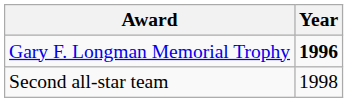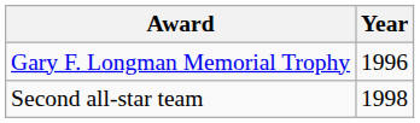 <table class="wikitable">
 <tr>
 <th>Award</th>
 <th>Year</th>
 </tr>
 <tr>
 <td><a href='#'>Gary F. Longman Memorial Trophy</a></td>
-<td><strong>1996</strong></td>
+<td>1996</td>
 </tr>
 <tr>
 <td>Second all-star team</td>
 <td>1998</td>
 </tr>
 </table>
